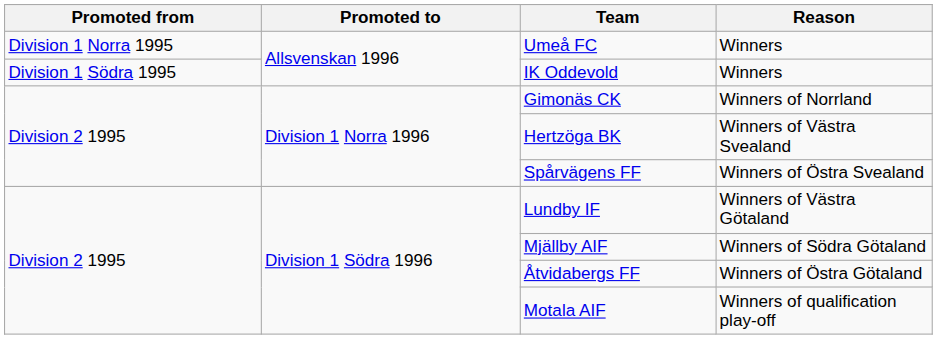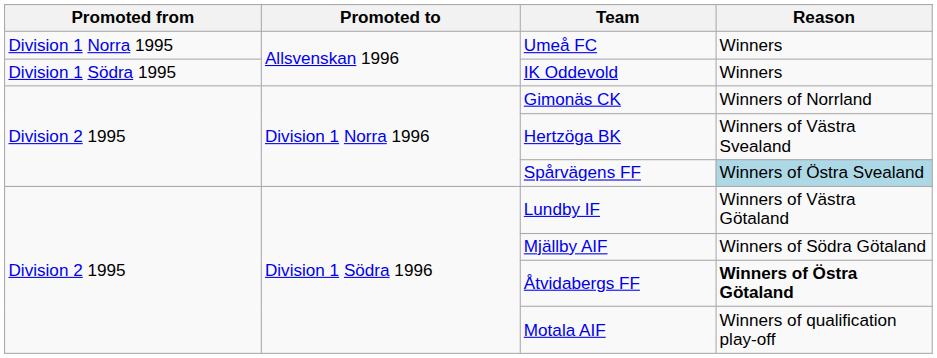 <table class="wikitable" style="text-align: left">
 <tr>
 <th style="width: 275px;">Promoted from</th>
 <th style="width: 275px;">Promoted to</th>
 <th style="width: 200px;">Team</th>
 <th style="width: 225px;">Reason</th>
 </tr>
 <tr>
 <td><a href='#'>Division 1</a> <a href='#'>Norra</a> 1995</td>
 <td rowspan="2"><a href='#'>Allsvenskan</a> 1996</td>
 <td><a href='#'>Umeå FC</a></td>
 <td>Winners</td>
 </tr>
 <tr>
 <td><a href='#'>Division 1</a> <a href='#'>Södra</a> 1995</td>
 <td><a href='#'>IK Oddevold</a></td>
 <td>Winners</td>
 </tr>
 <tr>
 <td rowspan="3"><a href='#'>Division 2</a> 1995</td>
 <td rowspan="3"><a href='#'>Division 1</a> <a href='#'>Norra</a> 1996</td>
 <td><a href='#'>Gimonäs CK</a></td>
 <td>Winners of Norrland</td>
 </tr>
 <tr>
 <td><a href='#'>Hertzöga BK</a></td>
 <td>Winners of Västra Svealand</td>
 </tr>
 <tr>
 <td><a href='#'>Spårvägens FF</a></td>
-<td>Winners of Östra Svealand</td>
+<td style="background: lightblue;">Winners of Östra Svealand</td>
 </tr>
 <tr>
 <td rowspan="4"><a href='#'>Division 2</a> 1995</td>
 <td rowspan="4"><a href='#'>Division 1</a> <a href='#'>Södra</a> 1996</td>
 <td><a href='#'>Lundby IF</a></td>
 <td>Winners of Västra Götaland</td>
 </tr>
 <tr>
 <td><a href='#'>Mjällby AIF</a></td>
 <td>Winners of Södra Götaland</td>
 </tr>
 <tr>
 <td><a href='#'>Åtvidabergs FF</a></td>
-<td>Winners of Östra Götaland</td>
+<td><strong>Winners of Östra Götaland</strong></td>
 </tr>
 <tr>
 <td><a href='#'>Motala AIF</a></td>
 <td>Winners of qualification play-off</td>
 </tr>
 </table>
